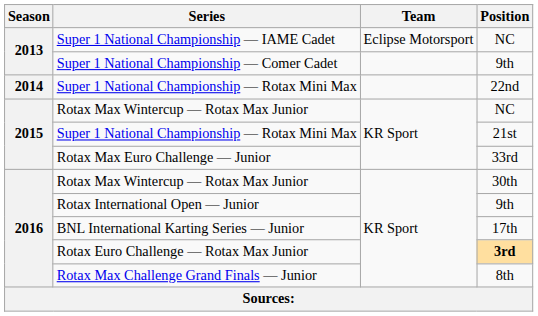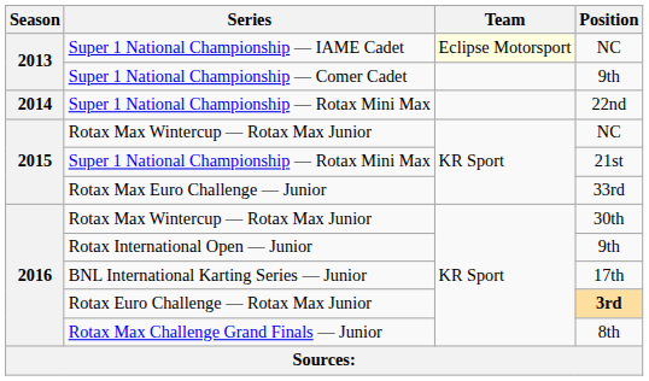 <table class="wikitable" style="font-size: 85%; text-align:center">
 <tr>
 <th>Season</th>
 <th>Series</th>
 <th>Team</th>
 <th>Position</th>
 </tr>
 <tr>
 <th rowspan="2">2013</th>
 <td align="left"><a href='#'>Super 1 National Championship</a> — IAME Cadet</td>
-<td align="left">Eclipse Motorsport</td>
+<td align="left" style="background: lightyellow;">Eclipse Motorsport</td>
 <td>NC</td>
 </tr>
 <tr>
 <td align="left"><a href='#'>Super 1 National Championship</a> — Comer Cadet</td>
 <td align="left"></td>
 <td>9th</td>
 </tr>
 <tr>
 <th>2014</th>
 <td align="left"><a href='#'>Super 1 National Championship</a> — Rotax Mini Max</td>
 <td align="left"></td>
 <td>22nd</td>
 </tr>
 <tr>
 <th rowspan="3">2015</th>
 <td align="left">Rotax Max Wintercup — Rotax Max Junior</td>
 <td rowspan="3" align="left">KR Sport</td>
 <td>NC</td>
 </tr>
 <tr>
 <td align="left"><a href='#'>Super 1 National Championship</a> — Rotax Mini Max</td>
 <td>21st</td>
 </tr>
 <tr>
 <td align="left">Rotax Max Euro Challenge — Junior</td>
 <td>33rd</td>
 </tr>
 <tr>
 <th rowspan="5">2016</th>
 <td align="left">Rotax Max Wintercup — Rotax Max Junior</td>
 <td rowspan="5" align="left">KR Sport</td>
 <td>30th</td>
 </tr>
 <tr>
 <td align="left">Rotax International Open — Junior</td>
 <td>9th</td>
 </tr>
 <tr>
 <td align="left">BNL International Karting Series — Junior</td>
 <td>17th</td>
 </tr>
 <tr>
 <td align="left">Rotax Euro Challenge — Rotax Max Junior</td>
 <td style="background:#FFDF9F;"><strong>3rd</strong></td>
 </tr>
 <tr>
 <td align="left"><a href='#'>Rotax Max Challenge Grand Finals</a> — Junior</td>
 <td>8th</td>
 </tr>
 <tr>
 <th colspan="4">Sources:</th>
 </tr>
 </table>
